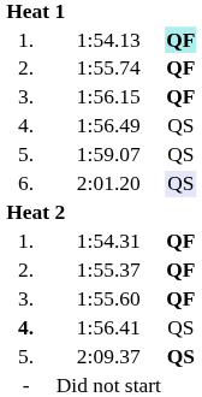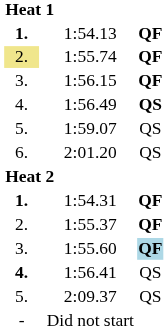 <table style="text-align:center">
 <tr>
 <td colspan=4 align=left><strong>Heat 1</strong></td>
 </tr>
 <tr>
-<td width=30>1.</td>
+<td width=30><strong>1.</strong></td>
 <td align=left></td>
 <td width=80>1:54.13</td>
-<td style="background: paleturquoise;"><strong>QF</strong></td>
+<td><strong>QF</strong></td>
 </tr>
 <tr>
-<td>2.</td>
+<td style="background: khaki;">2.</td>
 <td align=left></td>
 <td>1:55.74</td>
 <td><strong>QF</strong></td>
 </tr>
 <tr>
 <td>3.</td>
 <td align=left></td>
 <td>1:56.15</td>
 <td><strong>QF</strong></td>
 </tr>
 <tr>
 <td>4.</td>
 <td align=left></td>
 <td>1:56.49</td>
-<td>QS</td>
+<td><strong>QS</strong></td>
 </tr>
 <tr>
 <td>5.</td>
 <td align=left></td>
 <td>1:59.07</td>
 <td>QS</td>
 </tr>
 <tr>
 <td>6.</td>
 <td align=left></td>
 <td>2:01.20</td>
-<td style="background: lavender;">QS</td>
+<td>QS</td>
 </tr>
 <tr>
 <td colspan=4 align=left><strong>Heat 2</strong></td>
 </tr>
 <tr>
-<td>1.</td>
+<td><strong>1.</strong></td>
 <td align=left></td>
 <td>1:54.31</td>
 <td><strong>QF</strong></td>
 </tr>
 <tr>
 <td>2.</td>
 <td align=left></td>
 <td>1:55.37</td>
 <td><strong>QF</strong></td>
 </tr>
 <tr>
 <td>3.</td>
 <td align=left></td>
 <td>1:55.60</td>
-<td><strong>QF</strong></td>
+<td style="background: lightblue;"><strong>QF</strong></td>
 </tr>
 <tr>
 <td><strong>4.</strong></td>
 <td align=left></td>
 <td>1:56.41</td>
 <td>QS</td>
 </tr>
 <tr>
 <td>5.</td>
 <td align=left></td>
 <td>2:09.37</td>
-<td><strong>QS</strong></td>
+<td>QS</td>
 </tr>
 <tr>
 <td>-</td>
 <td align=left></td>
 <td>Did not start</td>
 <td></td>
 </tr>
 </table>
